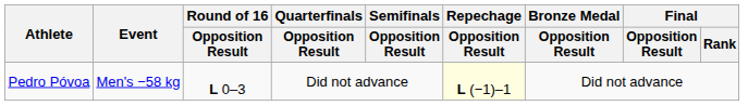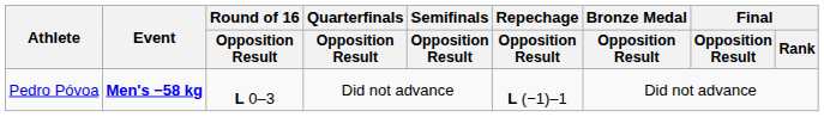 <table class="wikitable" style="font-size:90%">
 <tr>
 <th rowspan="2">Athlete</th>
 <th rowspan="2">Event</th>
 <th>Round of 16</th>
 <th>Quarterfinals</th>
 <th>Semifinals</th>
 <th>Repechage</th>
 <th>Bronze Medal</th>
 <th colspan=2>Final</th>
 </tr>
 <tr style="font-size:95%">
 <th>Opposition<br>Result</th>
 <th>Opposition<br>Result</th>
 <th>Opposition<br>Result</th>
 <th>Opposition<br>Result</th>
 <th>Opposition<br>Result</th>
 <th>Opposition<br>Result</th>
 <th>Rank</th>
 </tr>
 <tr align=center>
 <td align=left><a href='#'>Pedro Póvoa</a></td>
-<td align=left><a href='#'>Men's −58 kg</a></td>
+<td align=left><strong><a href='#'>Men's −58 kg</a></strong></td>
 <td><br><strong>L</strong> 0–3</td>
 <td colspan=2>Did not advance</td>
-<td style="background: lightyellow;"><br><strong>L</strong> (−1)–1</td>
+<td><br><strong>L</strong> (−1)–1</td>
 <td colspan=3>Did not advance</td>
 </tr>
 </table>
